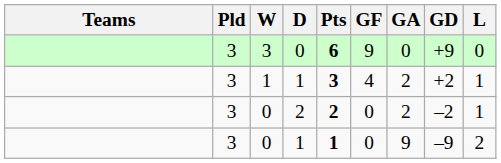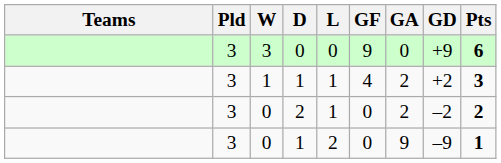 <table class="wikitable" style="text-align: center;">
 <tr>
 <th width=165>Teams</th>
 <th width=20>Pld</th>
 <th width=20>W</th>
 <th width=20>D</th>
-<th width=20>Pts</th>
+<th width=20>L</th>
 <th width=20>GF</th>
 <th width=20>GA</th>
 <th width=20>GD</th>
-<th width=20>L</th>
+<th width=20>Pts</th>
 </tr>
 <tr align=center style="background:#ccffcc;">
 <td style="text-align:left;"></td>
 <td>3</td>
 <td>3</td>
 <td>0</td>
-<td><strong>6</strong></td>
+<td>0</td>
 <td>9</td>
 <td>0</td>
 <td>+9</td>
-<td>0</td>
+<td><strong>6</strong></td>
 </tr>
 <tr align=center>
 <td style="text-align:left;"></td>
 <td>3</td>
 <td>1</td>
 <td>1</td>
-<td><strong>3</strong></td>
+<td>1</td>
 <td>4</td>
 <td>2</td>
 <td>+2</td>
-<td>1</td>
+<td><strong>3</strong></td>
 </tr>
 <tr align=center>
 <td style="text-align:left;"></td>
 <td>3</td>
 <td>0</td>
 <td>2</td>
-<td><strong>2</strong></td>
+<td>1</td>
 <td>0</td>
 <td>2</td>
 <td>–2</td>
-<td>1</td>
+<td><strong>2</strong></td>
 </tr>
 <tr align=center>
 <td style="text-align:left;"></td>
 <td>3</td>
 <td>0</td>
 <td>1</td>
-<td><strong>1</strong></td>
+<td>2</td>
 <td>0</td>
 <td>9</td>
 <td>–9</td>
-<td>2</td>
+<td><strong>1</strong></td>
 </tr>
 </table>
